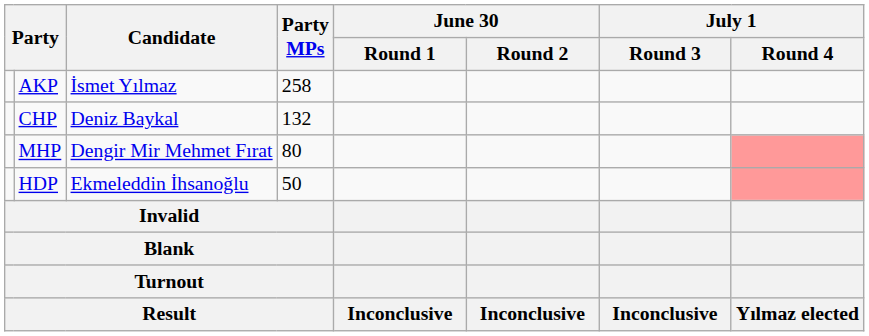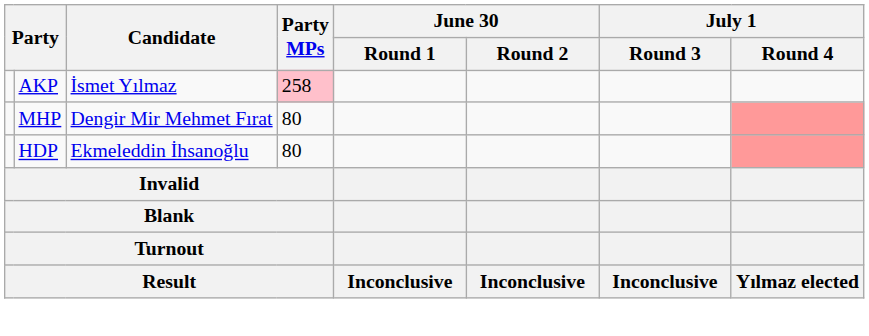 <table class=wikitable style="font-size:90%;">
 <tr>
 <th rowspan="2" colspan="2">Party</th>
 <th rowspan="2">Candidate</th>
 <th rowspan="2">Party<br><a href='#'>MPs</a></th>
 <th colspan="2">June 30</th>
 <th colspan="2">July 1</th>
 </tr>
 <tr>
 <th style="width:90px;">Round 1<br></th>
 <th style="width:90px;">Round 2<br></th>
 <th style="width:90px;">Round 3<br></th>
 <th style="width:90px;">Round 4<br></th>
 </tr>
 <tr>
 <td style="background: "></td>
 <td><a href='#'>AKP</a></td>
 <td><a href='#'>İsmet Yılmaz</a></td>
-<td>258</td>
-<td></td>
-<td></td>
-<td></td>
-<td></td>
-</tr>
-<tr>
-<td style="background: "></td>
-<td><a href='#'>CHP</a></td>
-<td><a href='#'>Deniz Baykal</a></td>
-<td>132</td>
+<td style="background: pink;">258</td>
 <td></td>
 <td></td>
 <td></td>
 <td></td>
 </tr>
 <tr>
 <td style="background: "></td>
 <td><a href='#'>MHP</a></td>
 <td><a href='#'>Dengir Mir Mehmet Fırat</a></td>
 <td>80</td>
 <td></td>
 <td></td>
 <td></td>
 <td style="background:#f99;"></td>
 </tr>
 <tr>
 <td style="background: "></td>
 <td><a href='#'>HDP</a></td>
 <td><a href='#'>Ekmeleddin İhsanoğlu</a></td>
-<td>50</td>
+<td>80</td>
 <td></td>
 <td></td>
 <td></td>
 <td style="background:#f99;"></td>
 </tr>
 <tr>
 <th colspan="4">Invalid</th>
 <th></th>
 <th></th>
 <th></th>
 <th></th>
 </tr>
 <tr>
 <th colspan="4">Blank</th>
 <th></th>
 <th></th>
 <th></th>
 <th></th>
 </tr>
 <tr>
 <th colspan="4"><strong>Turnout</strong></th>
 <th></th>
 <th></th>
 <th></th>
 <th></th>
 </tr>
 <tr>
 <th colspan="4"><strong>Result</strong></th>
 <th>Inconclusive</th>
 <th>Inconclusive</th>
 <th>Inconclusive</th>
 <th>Yılmaz elected</th>
 </tr>
 </table>
